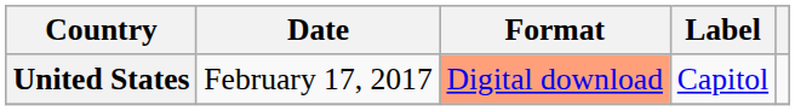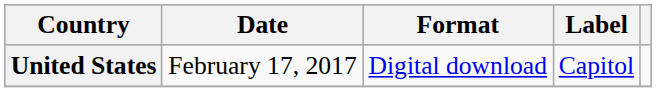 <table class="wikitable plainrowheaders">
 <tr>
 <th>Country</th>
 <th>Date</th>
 <th>Format</th>
 <th>Label</th>
 <th></th>
 </tr>
 <tr>
 <th scope="row">United States</th>
 <td>February 17, 2017</td>
-<td style="background: lightsalmon;"><a href='#'>Digital download</a></td>
+<td><a href='#'>Digital download</a></td>
 <td><a href='#'>Capitol</a></td>
 <td></td>
 </tr>
 <tr>
 </tr>
 </table>
